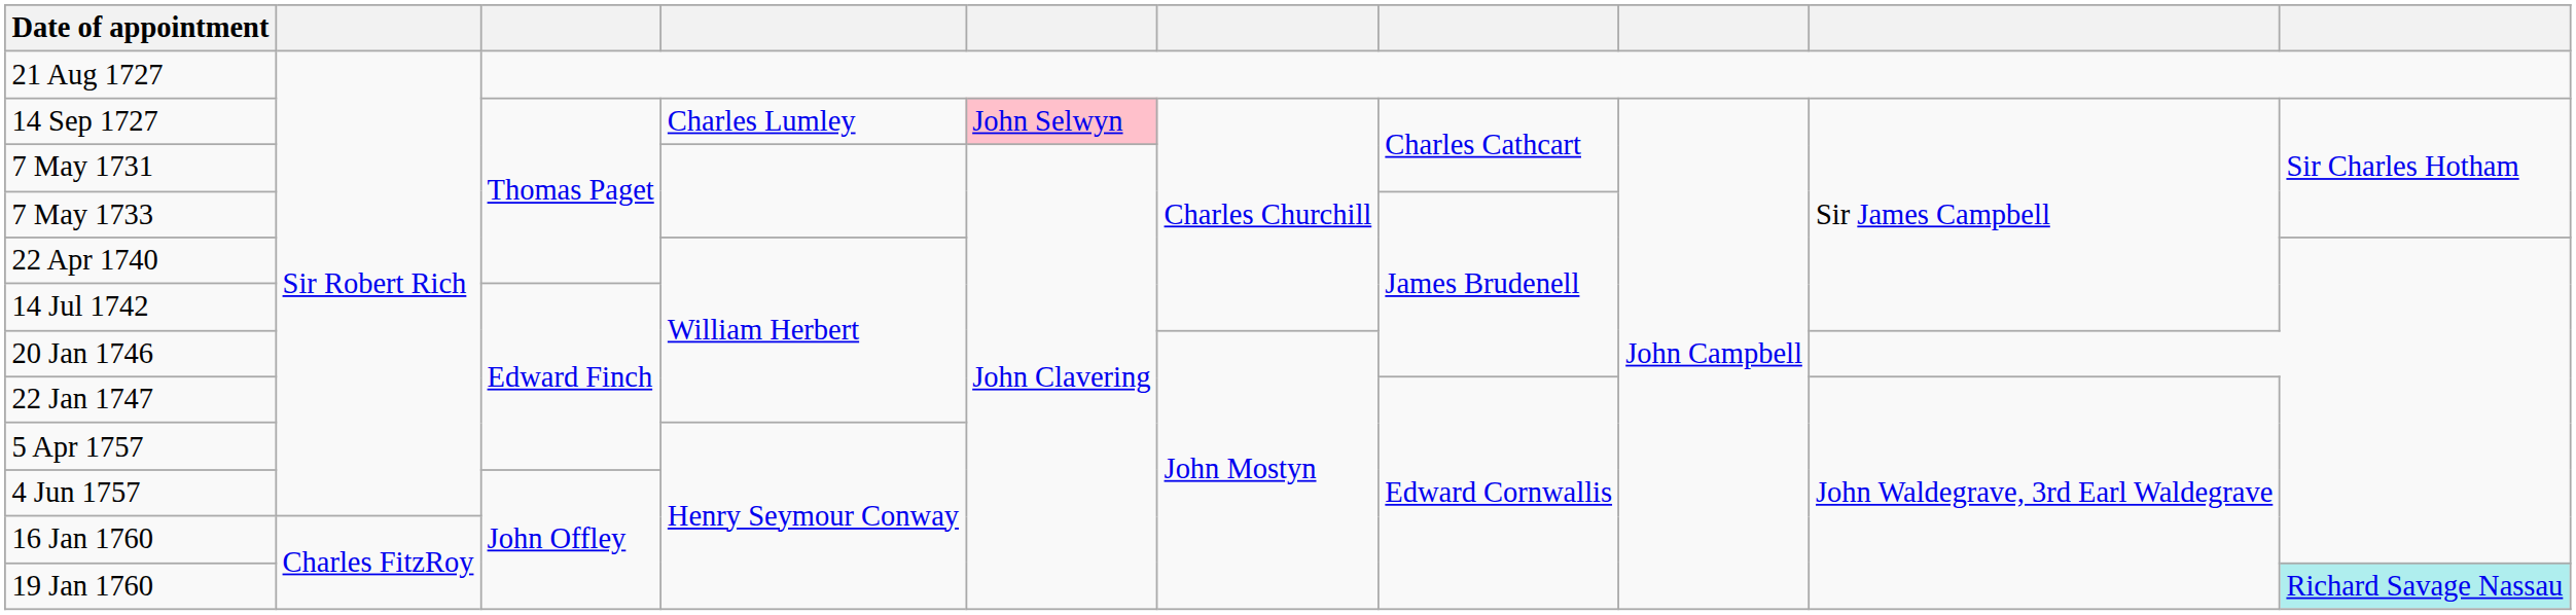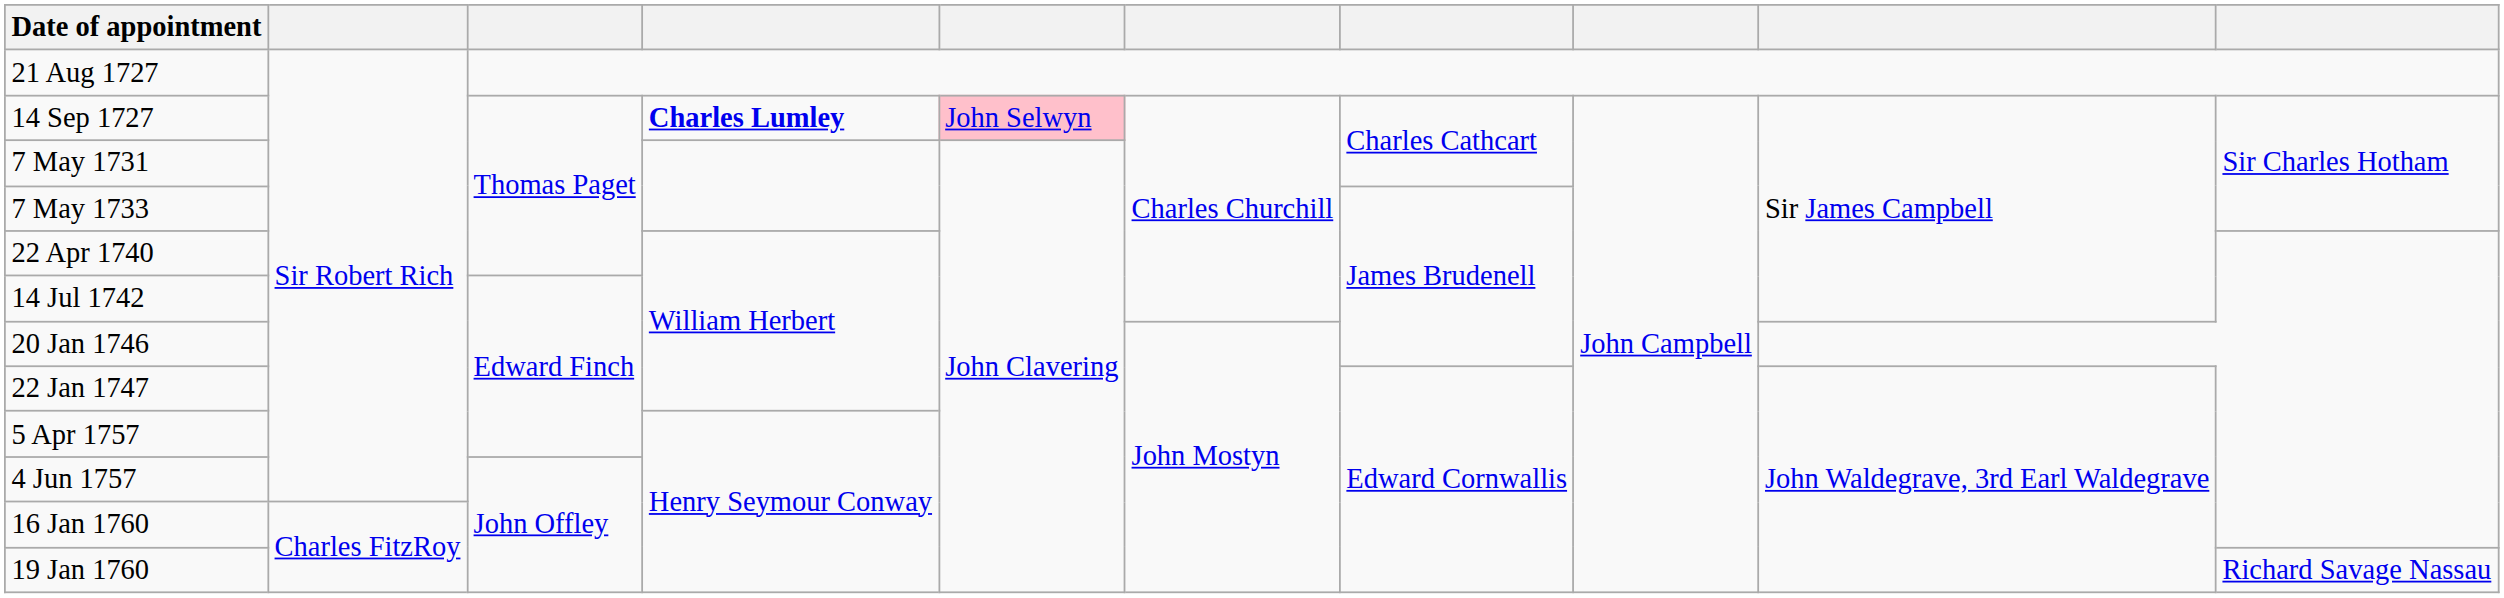 <table class="wikitable">
 <tr>
 <th>Date of appointment</th>
 <th></th>
 <th></th>
 <th></th>
 <th></th>
 <th></th>
 <th></th>
 <th></th>
 <th></th>
 <th></th>
 </tr>
 <tr>
 <td>21 Aug 1727</td>
 <td rowspan=10><a href='#'>Sir Robert Rich</a></td>
 </tr>
 <tr>
 <td>14 Sep 1727</td>
 <td rowspan=4><a href='#'>Thomas Paget</a></td>
-<td><a href='#'>Charles Lumley</a></td>
+<td><strong><a href='#'>Charles Lumley</a></strong></td>
 <td style="background: pink;"><a href='#'>John Selwyn</a></td>
 <td rowspan=5><a href='#'>Charles Churchill</a></td>
 <td rowspan=2><a href='#'>Charles Cathcart</a></td>
 <td rowspan=11><a href='#'>John Campbell</a></td>
 <td rowspan=5>Sir <a href='#'>James Campbell</a></td>
 <td rowspan=3><a href='#'>Sir Charles Hotham</a></td>
 </tr>
 <tr>
 <td>7 May 1731</td>
 <td rowspan=2></td>
 <td rowspan=10><a href='#'>John Clavering</a></td>
 </tr>
 <tr>
 <td>7 May 1733</td>
 <td rowspan=4><a href='#'>James Brudenell</a></td>
 </tr>
 <tr>
 <td>22 Apr 1740</td>
 <td rowspan=4><a href='#'>William Herbert</a></td>
 </tr>
 <tr>
 <td>14 Jul 1742</td>
 <td rowspan=4><a href='#'>Edward Finch</a></td>
 </tr>
 <tr>
 <td>20 Jan 1746</td>
 <td rowspan=6><a href='#'>John Mostyn</a></td>
 </tr>
 <tr>
 <td>22 Jan 1747</td>
 <td rowspan=5><a href='#'>Edward Cornwallis</a></td>
 <td rowspan=5><a href='#'>John Waldegrave, 3rd Earl Waldegrave</a></td>
 </tr>
 <tr>
 <td>5 Apr 1757</td>
 <td rowspan=4><a href='#'>Henry Seymour Conway</a></td>
 </tr>
 <tr>
 <td>4 Jun 1757</td>
 <td rowspan=3><a href='#'>John Offley</a></td>
 </tr>
 <tr>
 <td>16 Jan 1760</td>
 <td rowspan=2><a href='#'>Charles FitzRoy</a></td>
 </tr>
 <tr>
 <td>19 Jan 1760</td>
-<td style="background: paleturquoise;"><a href='#'>Richard Savage Nassau</a></td>
+<td><a href='#'>Richard Savage Nassau</a></td>
 </tr>
 </table>
